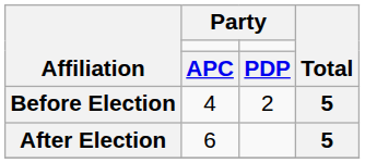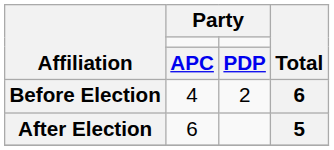 <table class=wikitable style="text-align:center">
 <tr style="vertical-align:bottom;">
 <th rowspan=3>Affiliation</th>
 <th colspan=2>Party</th>
 <th rowspan=3>Total</th>
 </tr>
 <tr>
 <td style="background-color:"></td>
 <td style="background-color:"></td>
 </tr>
 <tr>
 <th><a href='#'>APC</a></th>
 <th><a href='#'>PDP</a></th>
 </tr>
 <tr>
 <th>Before Election</th>
 <td>4</td>
 <td>2</td>
-<th>5</th>
+<th>6</th>
 </tr>
 <tr>
 <th>After Election</th>
 <td>6</td>
 <td></td>
 <th>5</th>
 </tr>
 <tr>
 </tr>
 </table>
